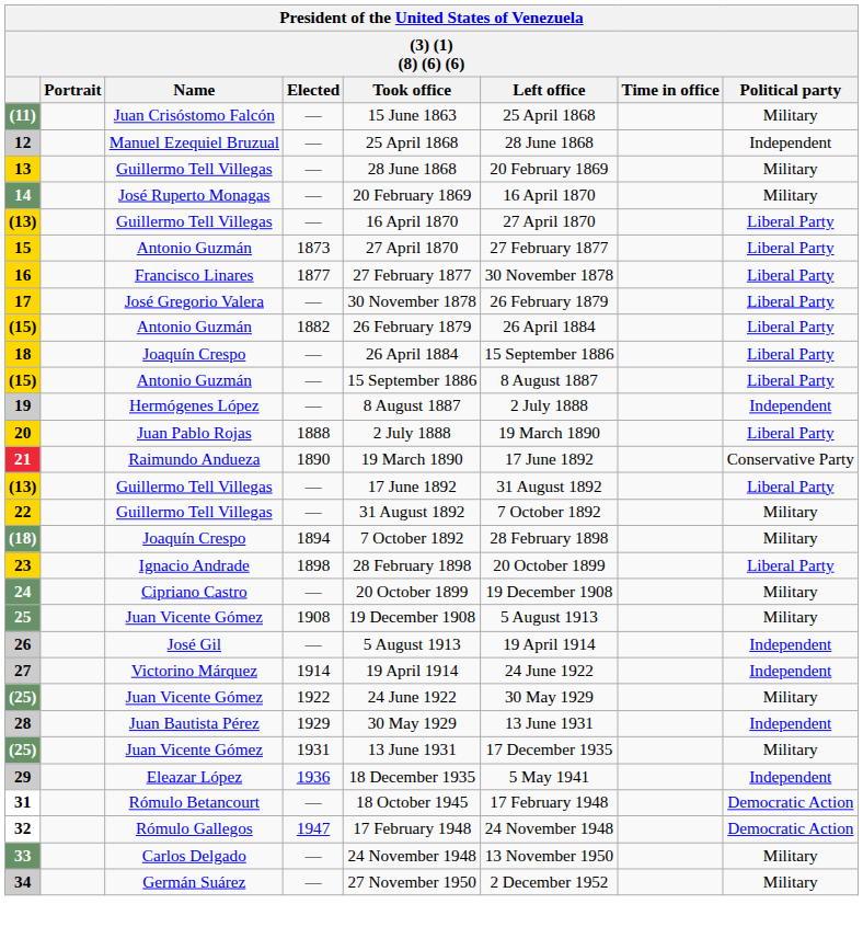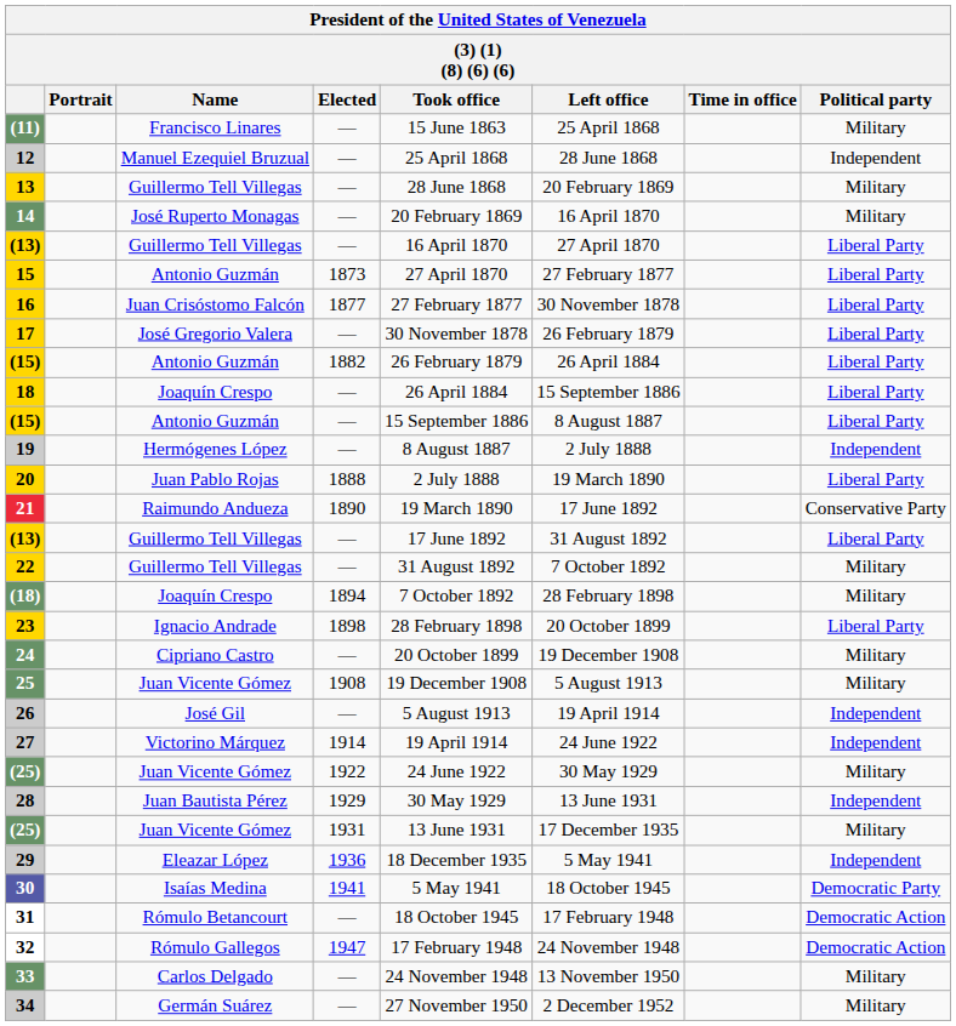 <table class="wikitable" style="text-align:center;">
 <tr>
 <th colspan="8"> President of the <a href='#'>United States of Venezuela</a> </th>
 </tr>
 <tr>
 <th colspan="8">(3) (1)<br>(8) (6) (6)</th>
 </tr>
 <tr>
 <th><br></th>
 <th>Portrait</th>
 <th>Name<br></th>
 <th>Elected</th>
 <th>Took office</th>
 <th>Left office</th>
 <th>Time in office</th>
 <th>Political party</th>
 </tr>
 <tr>
 <th style="background:#679267; color:white;">(11)</th>
 <td></td>
-<td><a href='#'>Juan Crisóstomo Falcón</a><br></td>
+<td><a href='#'>Francisco Linares</a><br></td>
 <td>—</td>
 <td>15 June 1863</td>
 <td>25 April 1868</td>
 <td></td>
 <td>Military</td>
 </tr>
 <tr>
 <th style="background:#ccc; color:black;">12</th>
 <td></td>
 <td><a href='#'>Manuel Ezequiel Bruzual</a><br></td>
 <td>—</td>
 <td>25 April 1868</td>
 <td>28 June 1868</td>
 <td></td>
 <td>Independent</td>
 </tr>
 <tr>
 <th style="background:gold; color:black;">13</th>
 <td></td>
 <td><a href='#'>Guillermo Tell Villegas</a><br></td>
 <td>—</td>
 <td>28 June 1868</td>
 <td>20 February 1869</td>
 <td></td>
 <td>Military</td>
 </tr>
 <tr>
 <th style="background:#679267; color:white;">14</th>
 <td></td>
 <td><a href='#'>José Ruperto Monagas</a><br></td>
 <td>—</td>
 <td>20 February 1869</td>
 <td>16 April 1870</td>
 <td></td>
 <td>Military</td>
 </tr>
 <tr>
 <th style="background:gold; color:black;">(13)</th>
 <td></td>
 <td><a href='#'>Guillermo Tell Villegas</a><br></td>
 <td>—</td>
 <td>16 April 1870</td>
 <td>27 April 1870</td>
 <td></td>
 <td><a href='#'>Liberal Party</a></td>
 </tr>
 <tr>
 <th style="background:gold; color:black;">15</th>
 <td></td>
 <td><a href='#'>Antonio Guzmán</a><br></td>
 <td>1873</td>
 <td>27 April 1870</td>
 <td>27 February 1877</td>
 <td></td>
 <td><a href='#'>Liberal Party</a></td>
 </tr>
 <tr>
 <th style="background:gold; color:black;">16</th>
 <td></td>
-<td><a href='#'>Francisco Linares</a><br></td>
+<td><a href='#'>Juan Crisóstomo Falcón</a><br></td>
 <td>1877</td>
 <td>27 February 1877</td>
 <td>30 November 1878</td>
 <td></td>
 <td><a href='#'>Liberal Party</a></td>
 </tr>
 <tr>
 <th style="background:gold; color:black;">17</th>
 <td></td>
 <td><a href='#'>José Gregorio Valera</a><br></td>
 <td>—</td>
 <td>30 November 1878</td>
 <td>26 February 1879</td>
 <td></td>
 <td><a href='#'>Liberal Party</a></td>
 </tr>
 <tr>
 <th style="background:gold; color:black;">(15)</th>
 <td></td>
 <td><a href='#'>Antonio Guzmán</a><br></td>
 <td>1882</td>
 <td>26 February 1879</td>
 <td>26 April 1884</td>
 <td></td>
 <td><a href='#'>Liberal Party</a></td>
 </tr>
 <tr>
 <th style="background:gold; color:black;">18</th>
 <td></td>
 <td><a href='#'>Joaquín Crespo</a><br></td>
 <td>—</td>
 <td>26 April 1884</td>
 <td>15 September 1886</td>
 <td></td>
 <td><a href='#'>Liberal Party</a></td>
 </tr>
 <tr>
 <th style="background:gold; color:black;">(15)</th>
 <td></td>
 <td><a href='#'>Antonio Guzmán</a><br></td>
 <td>—</td>
 <td>15 September 1886</td>
 <td>8 August 1887</td>
 <td></td>
 <td><a href='#'>Liberal Party</a></td>
 </tr>
 <tr>
 <th style="background:#ccc; color:black;">19</th>
 <td></td>
 <td><a href='#'>Hermógenes López</a><br></td>
 <td>—</td>
 <td>8 August 1887</td>
 <td>2 July 1888</td>
 <td></td>
 <td><a href='#'>Independent</a></td>
 </tr>
 <tr>
 <th style="background:gold; color:black;">20</th>
 <td></td>
 <td><a href='#'>Juan Pablo Rojas</a><br></td>
 <td>1888</td>
 <td>2 July 1888</td>
 <td>19 March 1890</td>
 <td></td>
 <td><a href='#'>Liberal Party</a></td>
 </tr>
 <tr>
 <th style="background:#ed2939; color:white;">21</th>
 <td></td>
 <td><a href='#'>Raimundo Andueza</a><br></td>
 <td>1890</td>
 <td>19 March 1890</td>
 <td>17 June 1892</td>
 <td></td>
 <td>Conservative Party</td>
 </tr>
 <tr>
 <th style="background:gold; color:black;">(13)</th>
 <td></td>
 <td><a href='#'>Guillermo Tell Villegas</a><br></td>
 <td>—</td>
 <td>17 June 1892</td>
 <td>31 August 1892</td>
 <td></td>
 <td><a href='#'>Liberal Party</a></td>
 </tr>
 <tr>
 <th style="background:gold; color:black;">22</th>
 <td></td>
 <td><a href='#'>Guillermo Tell Villegas</a><br></td>
 <td>—</td>
 <td>31 August 1892</td>
 <td>7 October 1892</td>
 <td></td>
 <td>Military</td>
 </tr>
 <tr>
 <th style="background:#679267; color:white;">(18)</th>
 <td></td>
 <td><a href='#'>Joaquín Crespo</a><br></td>
 <td>1894</td>
 <td>7 October 1892</td>
 <td>28 February 1898</td>
 <td></td>
 <td>Military</td>
 </tr>
 <tr>
 <th style="background:gold; color:black;">23</th>
 <td></td>
 <td><a href='#'>Ignacio Andrade</a><br></td>
 <td>1898</td>
 <td>28 February 1898</td>
 <td>20 October 1899</td>
 <td></td>
 <td><a href='#'>Liberal Party</a></td>
 </tr>
 <tr>
 <th style="background:#679267; color:white;">24</th>
 <td></td>
 <td><a href='#'>Cipriano Castro</a><br></td>
 <td>—</td>
 <td>20 October 1899</td>
 <td>19 December 1908</td>
 <td></td>
 <td>Military</td>
 </tr>
 <tr>
 <th style="background:#679267; color:white;">25</th>
 <td></td>
 <td><a href='#'>Juan Vicente Gómez</a><br></td>
 <td>1908</td>
 <td>19 December 1908</td>
 <td>5 August 1913</td>
 <td></td>
 <td>Military</td>
 </tr>
 <tr>
 <th style="background:#ccc; color:black;">26</th>
 <td></td>
 <td><a href='#'>José Gil</a><br></td>
 <td>—</td>
 <td>5 August 1913</td>
 <td>19 April 1914</td>
 <td></td>
 <td><a href='#'>Independent</a></td>
 </tr>
 <tr>
 <th style="background:#ccc; color:black;">27</th>
 <td></td>
 <td><a href='#'>Victorino Márquez</a><br></td>
 <td>1914</td>
 <td>19 April 1914</td>
 <td>24 June 1922</td>
 <td></td>
 <td><a href='#'>Independent</a></td>
 </tr>
 <tr>
 <th style="background:#679267; color:white;">(25)</th>
 <td></td>
 <td><a href='#'>Juan Vicente Gómez</a><br></td>
 <td>1922</td>
 <td>24 June 1922</td>
 <td>30 May 1929</td>
 <td></td>
 <td>Military</td>
 </tr>
 <tr>
 <th style="background:#ccc; color:black;">28</th>
 <td></td>
 <td><a href='#'>Juan Bautista Pérez</a><br></td>
 <td>1929</td>
 <td>30 May 1929</td>
 <td>13 June 1931</td>
 <td></td>
 <td><a href='#'>Independent</a></td>
 </tr>
 <tr>
 <th style="background:#679267; color:white;">(25)</th>
 <td></td>
 <td><a href='#'>Juan Vicente Gómez</a><br></td>
 <td>1931</td>
 <td>13 June 1931</td>
 <td>17 December 1935</td>
 <td></td>
 <td>Military</td>
 </tr>
 <tr>
 <th style="background:#ccc; color:black;">29</th>
 <td></td>
 <td><a href='#'>Eleazar López</a><br></td>
 <td><a href='#'>1936</a></td>
 <td>18 December 1935</td>
 <td>5 May 1941</td>
 <td></td>
 <td><a href='#'>Independent</a></td>
 </tr>
 <tr>
+<th style="background:#545aa7; color:white;">30</th>
+<td></td>
+<td><a href='#'>Isaías Medina</a><br></td>
+<td><a href='#'>1941</a></td>
+<td>5 May 1941</td>
+<td>18 October 1945</td>
+<td></td>
+<td><a href='#'>Democratic Party</a></td>
+</tr>
+<tr>
 <th style="background:#fff; color:black;">31</th>
 <td></td>
 <td><a href='#'>Rómulo Betancourt</a><br></td>
 <td>—</td>
 <td>18 October 1945</td>
 <td>17 February 1948</td>
 <td></td>
 <td><a href='#'>Democratic Action</a></td>
 </tr>
 <tr>
 <th style="background:#fff; color:black;">32</th>
 <td></td>
 <td><a href='#'>Rómulo Gallegos</a><br></td>
 <td><a href='#'>1947</a></td>
 <td>17 February 1948</td>
 <td>24 November 1948</td>
 <td></td>
 <td><a href='#'>Democratic Action</a></td>
 </tr>
 <tr>
 <th style="background:#679267; color:white;">33</th>
 <td></td>
 <td><a href='#'>Carlos Delgado</a><br></td>
 <td>—</td>
 <td>24 November 1948</td>
 <td>13 November 1950</td>
 <td></td>
 <td>Military</td>
 </tr>
 <tr>
 <th style="background:#ccc; color:black;">34</th>
 <td></td>
 <td><a href='#'>Germán Suárez</a><br></td>
 <td>—</td>
 <td>27 November 1950</td>
 <td>2 December 1952</td>
 <td></td>
 <td>Military</td>
 </tr>
 </table>
